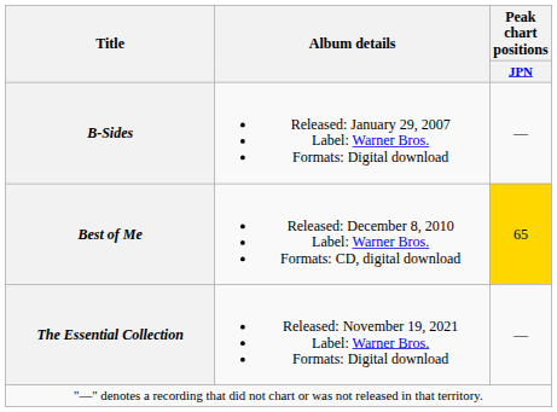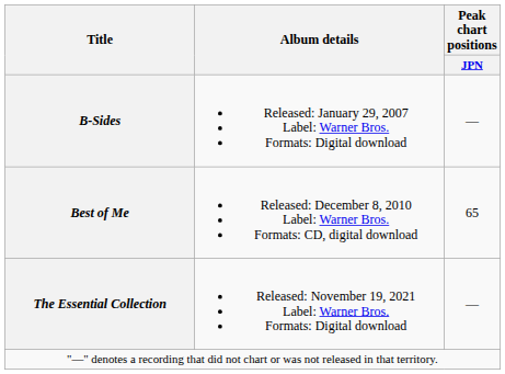 <table class="wikitable plainrowheaders" style="text-align:center;">
 <tr>
 <th scope="col" rowspan="2" style="width:14em;">Title</th>
 <th scope="col" rowspan="2" style="width:18.5em;">Album details</th>
 <th scope="col">Peak chart positions</th>
 </tr>
 <tr>
 <th scope="col" style="width:3em;font-size:90%;"><a href='#'>JPN</a><br></th>
 </tr>
 <tr>
 <th scope="row"><em>B-Sides</em></th>
 <td><br><ul><li>Released: January 29, 2007</li><li>Label: <a href='#'>Warner Bros.</a></li><li>Formats: Digital download</li></ul></td>
 <td>—</td>
 </tr>
 <tr>
 <th scope="row"><em>Best of Me</em></th>
 <td><br><ul><li>Released: December 8, 2010</li><li>Label: <a href='#'>Warner Bros.</a></li><li>Formats: CD, digital download</li></ul></td>
-<td style="background: gold;">65</td>
+<td>65</td>
 </tr>
 <tr>
 <th scope="row"><em>The Essential Collection</em></th>
 <td><br><ul><li>Released: November 19, 2021</li><li>Label: <a href='#'>Warner Bros.</a></li><li>Formats: Digital download</li></ul></td>
 <td>—</td>
 </tr>
 <tr>
 <td colspan="4" style="font-size:90%">"—" denotes a recording that did not chart or was not released in that territory.</td>
 </tr>
 </table>
